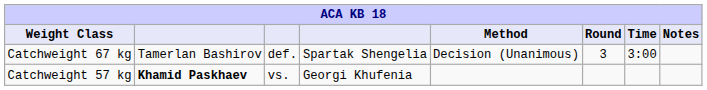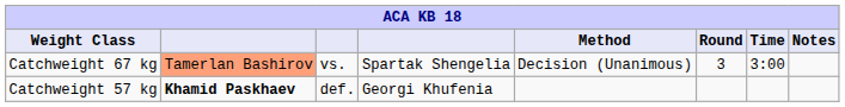 <table class="wikitable" style="font-size: 80%;">
 <tr>
 <th colspan="8" style="background-color: #ccf; color: #000080; text-align: center;"><strong>ACA KB 18</strong></th>
 </tr>
 <tr>
 <th colspan="1" style="background-color: #E6E8FA; color: #000000; text-align: center;">Weight Class</th>
 <th colspan="1" style="background-color: #E6E8FA; color: #000000; text-align: center;"></th>
 <th colspan="1" style="background-color: #E6E8FA; color: #000000; text-align: center;"></th>
 <th colspan="1" style="background-color: #E6E8FA; color: #000000; text-align: center;"></th>
 <th colspan="1" style="background-color: #E6E8FA; color: #000000; text-align: center;">Method</th>
 <th colspan="1" style="background-color: #E6E8FA; color: #000000; text-align: center;">Round</th>
 <th colspan="1" style="background-color: #E6E8FA; color: #000000; text-align: center;">Time</th>
 <th colspan="1" style="background-color: #E6E8FA; color: #000000; text-align: center;">Notes</th>
 </tr>
 <tr>
 <td>Catchweight 67 kg</td>
-<td> Tamerlan Bashirov</td>
-<td>def.</td>
+<td style="background: lightsalmon;"> Tamerlan Bashirov</td>
+<td>vs.</td>
 <td> Spartak Shengelia</td>
 <td>Decision (Unanimous)</td>
 <td align=center>3</td>
 <td align=center>3:00</td>
 <td></td>
 </tr>
 <tr>
 <td>Catchweight 57 kg</td>
 <td><strong> Khamid Paskhaev</strong></td>
-<td>vs.</td>
+<td>def.</td>
 <td> Georgi Khufenia</td>
 <td></td>
 <td align=center></td>
 <td align=center></td>
 <td></td>
 </tr>
 </table>
